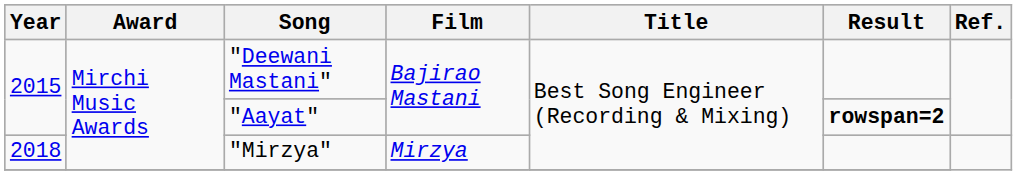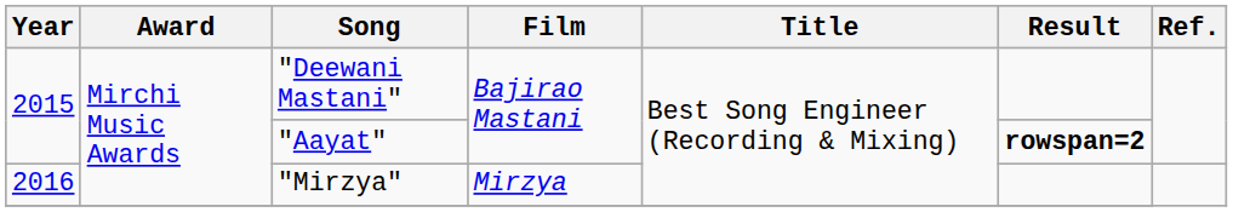 <table class="wikitable sortable">
 <tr>
 <th>Year</th>
 <th>Award</th>
 <th>Song</th>
 <th>Film</th>
 <th>Title</th>
 <th>Result</th>
 <th>Ref.</th>
 </tr>
 <tr>
 <td rowspan=2><a href='#'>2015</a></td>
 <td rowspan=3><a href='#'>Mirchi Music Awards</a></td>
 <td>"<a href='#'>Deewani Mastani</a>"</td>
 <td rowspan=2><em><a href='#'>Bajirao Mastani</a></em></td>
 <td rowspan=3>Best Song Engineer (Recording & Mixing)</td>
 <td></td>
 <td rowspan=2></td>
 </tr>
 <tr>
 <td>"<a href='#'>Aayat</a>"</td>
 <td><strong>rowspan=2 </strong></td>
 </tr>
 <tr>
-<td><a href='#'>2018</a></td>
+<td><a href='#'>2016</a></td>
 <td>"Mirzya"</td>
 <td><em><a href='#'>Mirzya</a></em></td>
 <td></td>
 </tr>
 <tr>
 </tr>
 </table>
